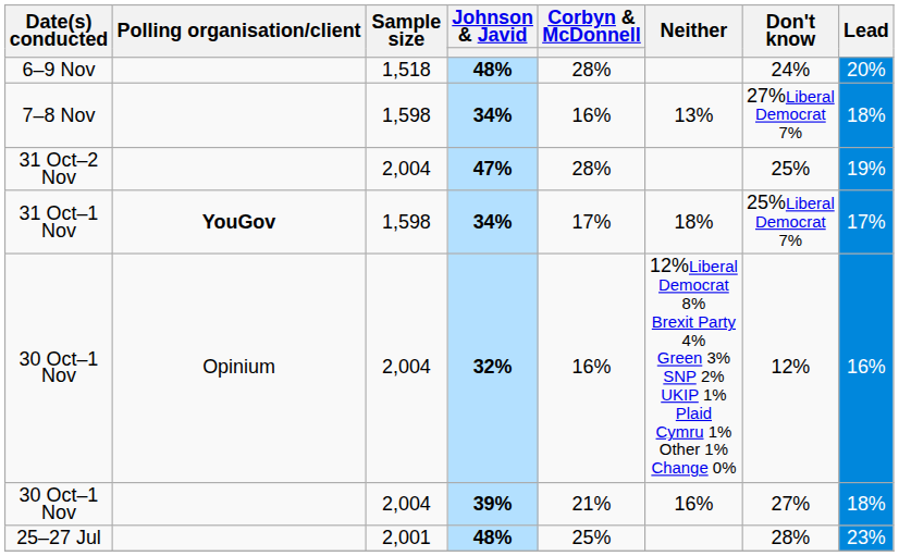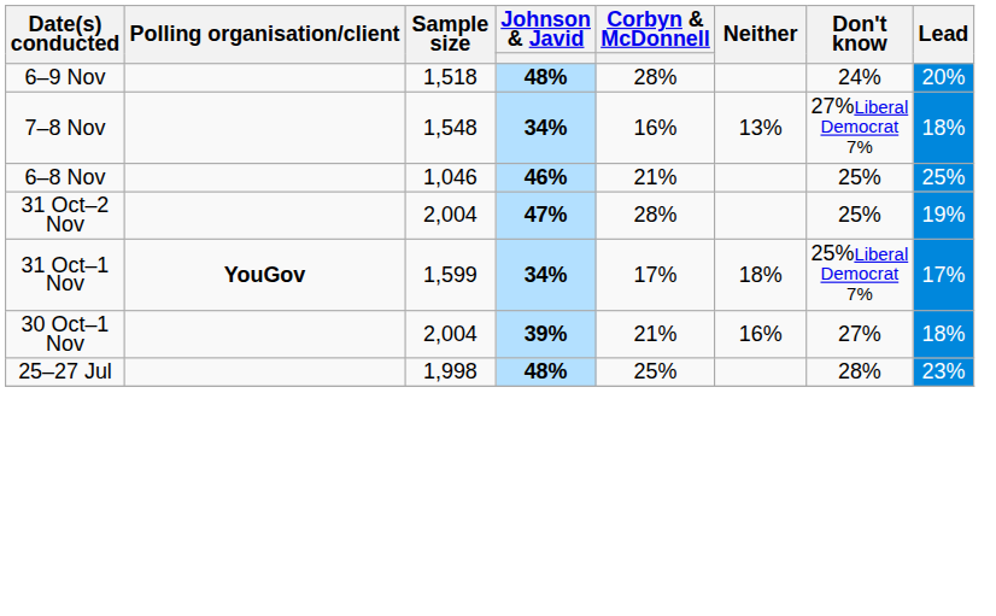 <table class="wikitable sortable" style="text-align:center;line-height:14px">
 <tr>
 <th style="width:80px;" rowspan="2">Date(s)<br>conducted</th>
 <th style="width:200px;" rowspan="2">Polling organisation/client</th>
 <th style="width:60px;" rowspan="2">Sample size</th>
 <th style="width:60px;" class="unsortable"><a href='#'>Johnson</a> & <a href='#'>Javid</a></th>
 <th style="width:60px;" class="unsortable"><a href='#'>Corbyn</a> & <a href='#'>McDonnell</a></th>
 <th style="width:60px;" rowspan="2" class="unsortable">Neither</th>
 <th style="width:60px;" rowspan="2" class="unsortable">Don't know</th>
 <th class="unsortable" style="width:20px;" rowspan="2">Lead</th>
 </tr>
 <tr>
 <th class="unsortable" style="color:inherit;background:"></th>
 <th class="unsortable" style="color:inherit;background:"></th>
 </tr>
 <tr>
 <td>6–9 Nov</td>
 <td></td>
 <td>1,518</td>
 <td style="background:#B3E0FF"><strong>48%</strong></td>
 <td>28%</td>
 <td></td>
 <td>24%</td>
 <td style="background:#0087DC; color:white;">20%</td>
 </tr>
 <tr>
 <td>7–8 Nov</td>
 <td></td>
-<td>1,598</td>
+<td>1,548</td>
 <td style="background:#B3E0FF"><strong>34%</strong></td>
 <td>16%</td>
 <td>13%</td>
 <td>27%<small><a href='#'>Liberal Democrat</a> 7% </small></td>
 <td style="background:#0087DC; color:white;">18%</td>
+</tr>
+<tr>
+<td>6–8 Nov</td>
+<td></td>
+<td>1,046</td>
+<td style="background:#B3E0FF"><strong>46%</strong></td>
+<td>21%</td>
+<td></td>
+<td>25%</td>
+<td style="background:#0087DC; color:white;">25%</td>
 </tr>
 <tr>
 <td>31 Oct–2 Nov</td>
 <td></td>
 <td>2,004</td>
 <td style="background:#B3E0FF"><strong>47%</strong></td>
 <td>28%</td>
 <td></td>
 <td>25%</td>
 <td style="background:#0087DC; color:white;">19%</td>
 </tr>
 <tr>
 <td>31 Oct–1 Nov</td>
 <td><strong>YouGov</strong></td>
-<td>1,598</td>
+<td>1,599</td>
 <td style="background:#B3E0FF"><strong>34%</strong></td>
 <td>17%</td>
 <td>18%</td>
 <td>25%<small><a href='#'>Liberal Democrat</a> 7% </small></td>
 <td style="background:#0087DC; color:white;">17%</td>
-</tr>
-<tr>
-<td>30 Oct–1 Nov</td>
-<td>Opinium</td>
-<td>2,004</td>
-<td style="background:#B3E0FF"><strong>32%</strong></td>
-<td>16%</td>
-<td>12%<small><a href='#'>Liberal Democrat</a> 8%<br><a href='#'>Brexit Party</a> 4%<br><a href='#'>Green</a> 3%<br><a href='#'>SNP</a> 2% <br><a href='#'>UKIP</a> 1% <br><a href='#'>Plaid Cymru</a> 1%<br>Other 1%<br><a href='#'>Change</a> 0% </small></td>
-<td>12%</td>
-<td style="background:#0087DC; color:white;">16%</td>
 </tr>
 <tr>
 <td>30 Oct–1 Nov</td>
 <td> </td>
 <td>2,004</td>
 <td style="background:#B3E0FF"><strong>39%</strong></td>
 <td>21%</td>
 <td>16%</td>
 <td>27%</td>
 <td style="background:#0087DC; color:white;">18%</td>
 </tr>
 <tr>
 <td>25–27 Jul</td>
 <td> </td>
-<td>2,001</td>
+<td>1,998</td>
 <td style="background:#B3E0FF"><strong>48%</strong></td>
 <td>25%</td>
 <td></td>
 <td>28%</td>
 <td style="background:#0087DC; color:white;">23%</td>
 </tr>
 <tr>
 </tr>
 </table>
